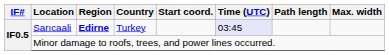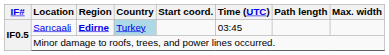 <table class="wikitable sortable" style="width:100%;">
 <tr>
 <th scope="col" width="2%" align="center"><a href='#'>IF#</a></th>
 <th scope="col" align="center" class="unsortable">Location</th>
 <th scope="col" align="center" class="unsortable">Region</th>
 <th scope="col" align="center">Country</th>
 <th scope="col" align="center">Start coord.</th>
 <th scope="col" align="center">Time (<a href='#'>UTC</a>)</th>
 <th scope="col" align="center">Path length</th>
 <th scope="col" align="center">Max. width</th>
 </tr>
 <tr>
 <th scope="row" rowspan="2" style="background-color:#">IF0.5</th>
 <td><a href='#'>Sarıcaali</a></td>
 <td><strong><a href='#'>Edirne</a></strong></td>
-<td><a href='#'>Turkey</a></td>
+<td style="background: lightblue;"><a href='#'>Turkey</a></td>
 <td></td>
-<td style="background: lavender;">03:45</td>
+<td>03:45</td>
 <td></td>
 <td></td>
 </tr>
 <tr class="expand-child">
 <td colspan="8" style=" border-bottom: 1px solid black;">Minor damage to roofs, trees, and power lines occurred.</td>
 </tr>
 </table>
